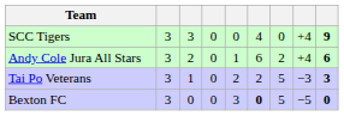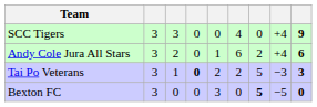 <table class="wikitable" style="text-align:center;">
 <tr>
 <th width=175>Team</th>
 <th width=20></th>
 <th width=20></th>
 <th width=20></th>
 <th width=20></th>
 <th width=20></th>
 <th width=20></th>
 <th width=20></th>
 <th width=20></th>
 </tr>
 <tr bgcolor="#ccffcc">
 <td align="left">SCC Tigers</td>
 <td>3</td>
 <td>3</td>
 <td>0</td>
 <td>0</td>
 <td>4</td>
 <td>0</td>
 <td>+4</td>
 <td><strong>9</strong></td>
 </tr>
 <tr bgcolor="#ccffcc">
 <td align="left"><a href='#'>Andy Cole</a> Jura All Stars</td>
 <td>3</td>
 <td>2</td>
 <td>0</td>
 <td>1</td>
 <td>6</td>
 <td>2</td>
 <td>+4</td>
 <td><strong>6</strong></td>
 </tr>
 <tr bgcolor="#ccccff">
 <td align="left"><a href='#'>Tai Po</a> Veterans</td>
 <td>3</td>
 <td>1</td>
-<td>0</td>
+<td><strong>0</strong></td>
 <td>2</td>
 <td>2</td>
 <td>5</td>
 <td>−3</td>
 <td><strong>3</strong></td>
 </tr>
 <tr bgcolor="#ccccff">
 <td align="left">Bexton FC</td>
 <td>3</td>
 <td>0</td>
 <td>0</td>
 <td>3</td>
-<td><strong>0</strong></td>
-<td>5</td>
+<td>0</td>
+<td><strong>5</strong></td>
 <td>−5</td>
 <td><strong>0</strong></td>
 </tr>
 </table>
